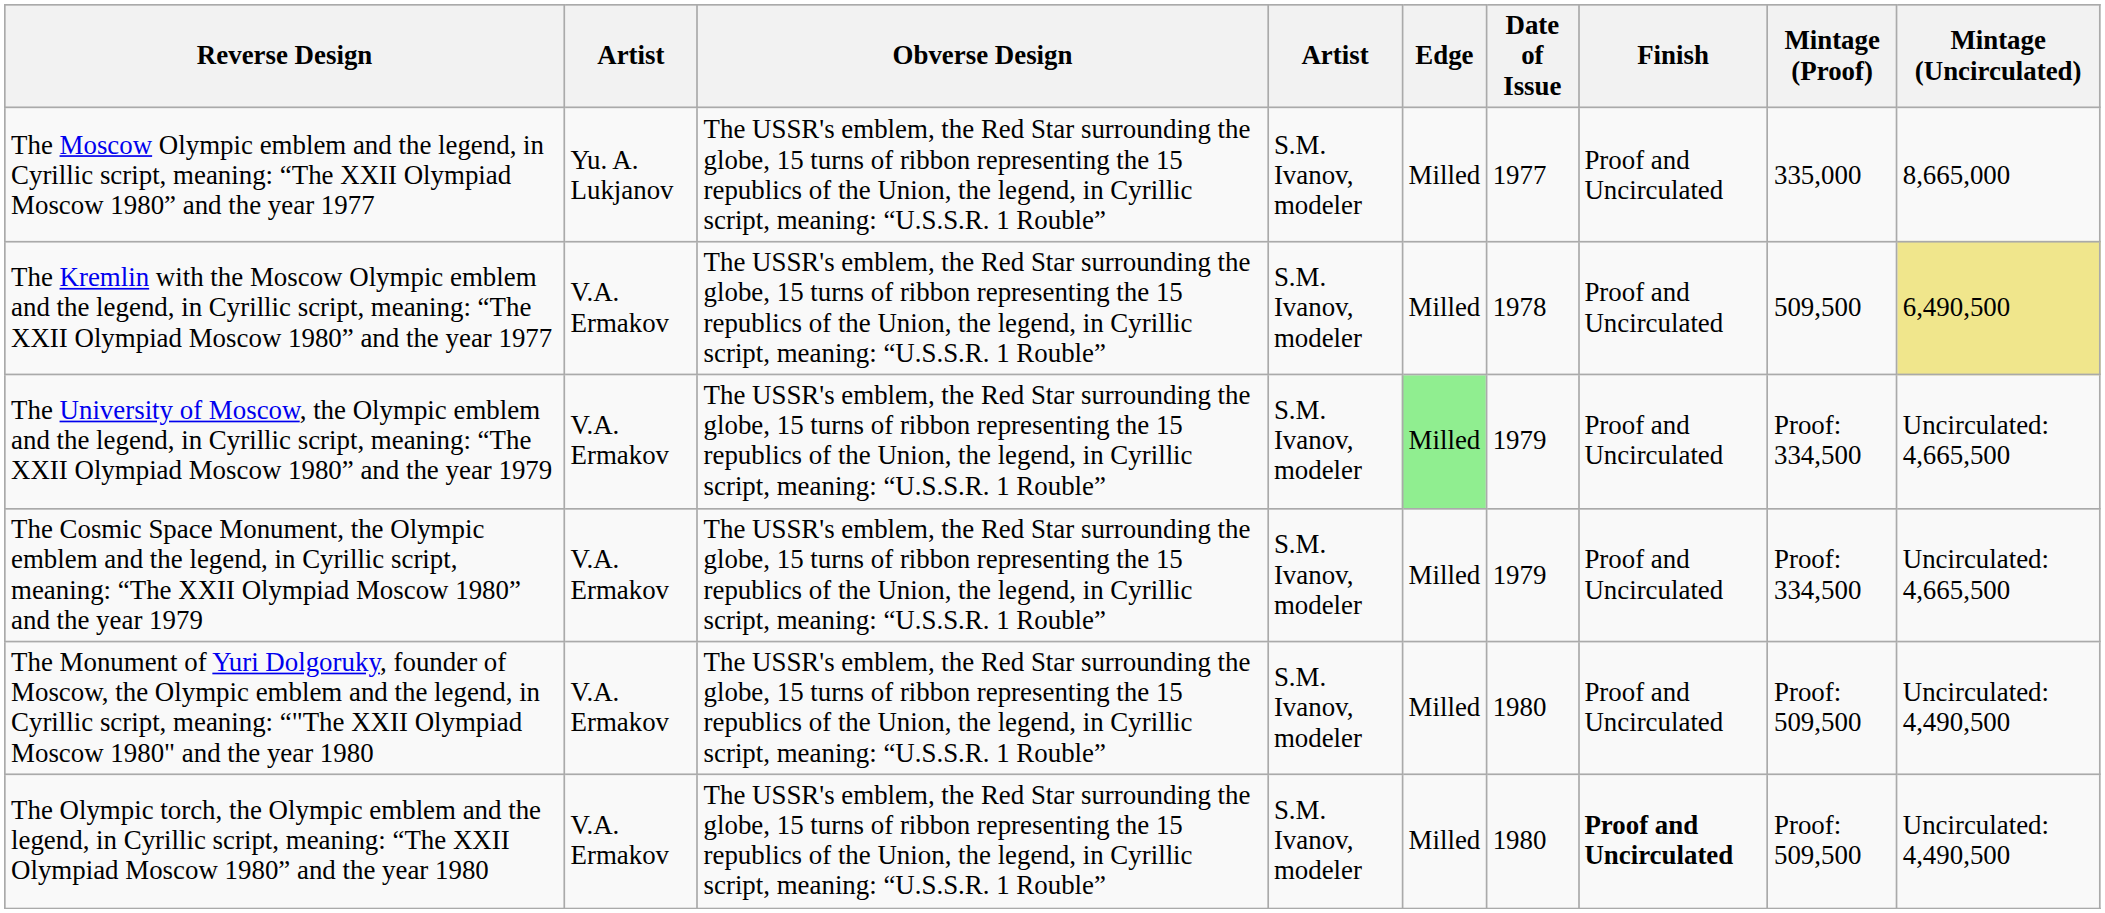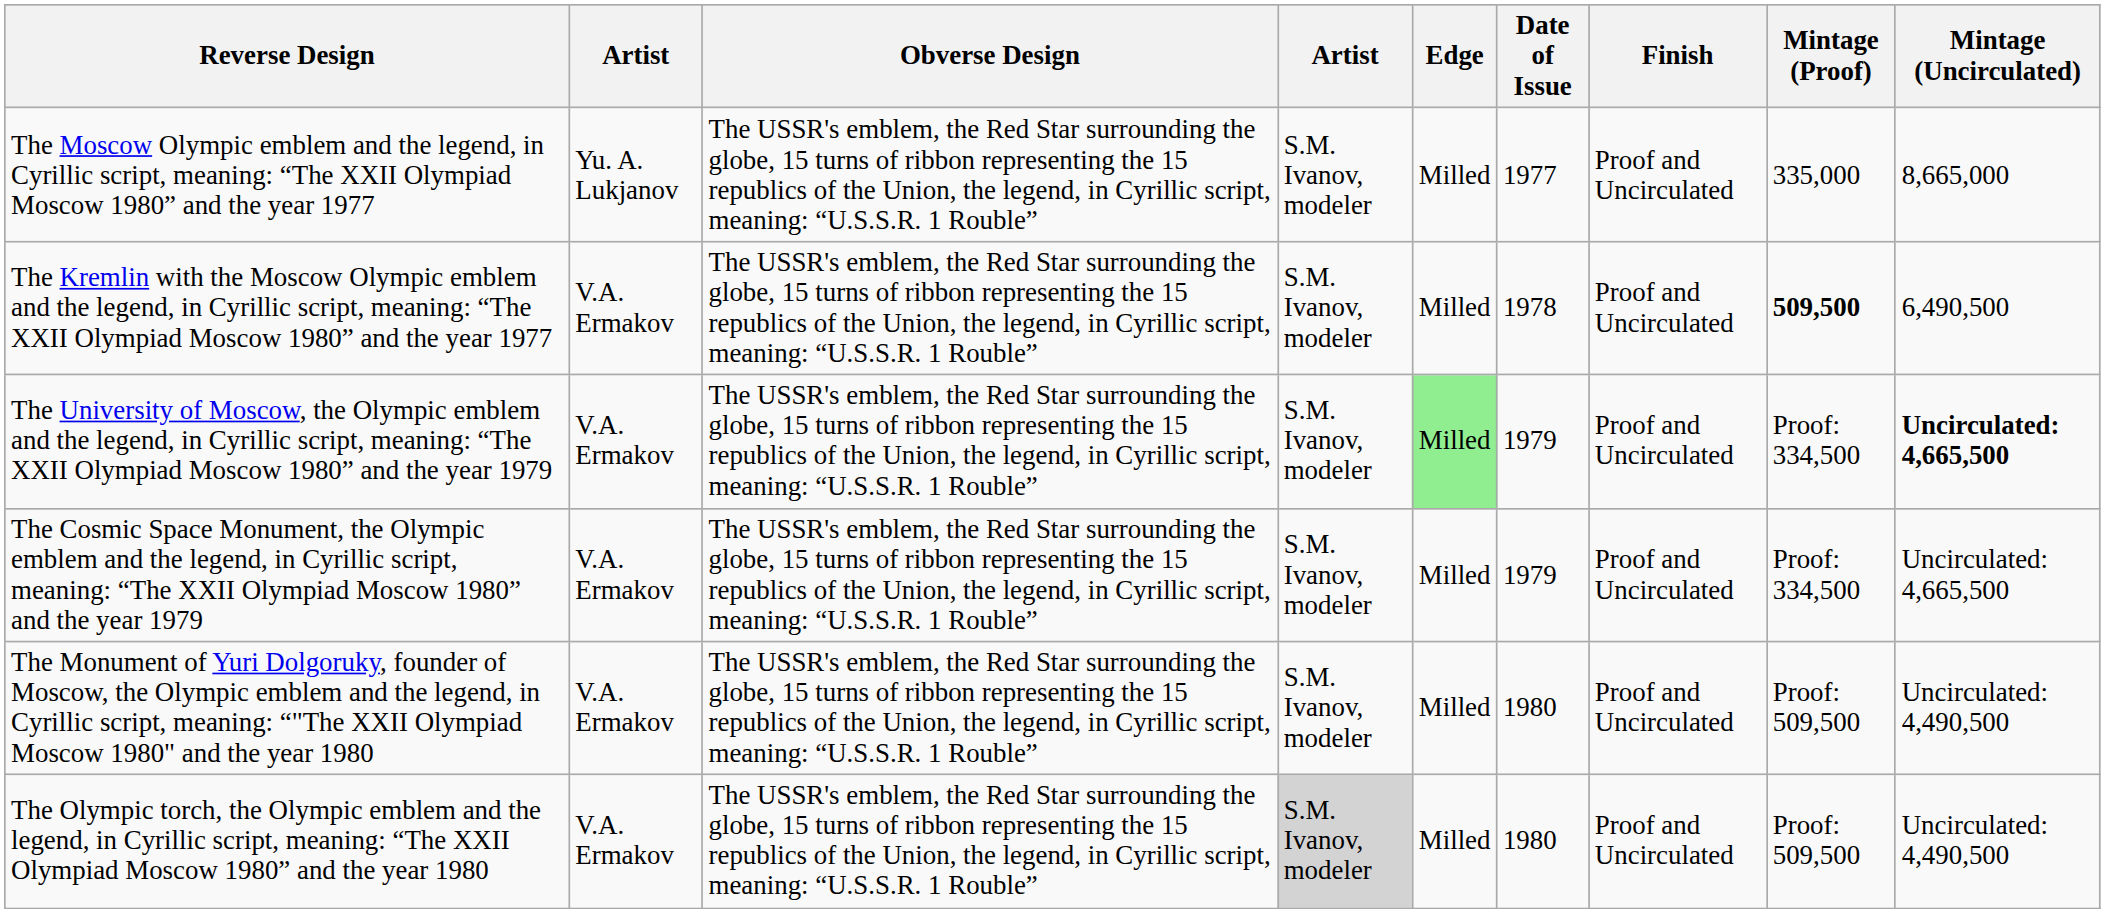 <table class="wikitable">
 <tr>
 <th>Reverse Design</th>
 <th>Artist</th>
 <th>Obverse Design</th>
 <th>Artist</th>
 <th>Edge</th>
 <th>Date of Issue</th>
 <th>Finish</th>
 <th>Mintage (Proof)</th>
 <th>Mintage (Uncirculated)</th>
 </tr>
 <tr>
 <td>The <a href='#'>Moscow</a> Olympic emblem and the legend, in Cyrillic script, meaning: “The XXII Olympiad Moscow 1980” and the year 1977</td>
 <td>Yu. A. Lukjanov</td>
 <td>The USSR's emblem, the Red Star surrounding the globe, 15 turns of ribbon representing the 15 republics of the Union, the legend, in Cyrillic script, meaning: “U.S.S.R. 1 Rouble”</td>
 <td>S.M. Ivanov, modeler</td>
 <td>Milled</td>
 <td>1977</td>
 <td>Proof and Uncirculated</td>
 <td>335,000</td>
 <td>8,665,000</td>
 </tr>
 <tr>
 <td>The <a href='#'>Kremlin</a> with the Moscow Olympic emblem and the legend, in Cyrillic script, meaning: “The XXII Olympiad Moscow 1980” and the year 1977</td>
 <td>V.A. Ermakov</td>
 <td>The USSR's emblem, the Red Star surrounding the globe, 15 turns of ribbon representing the 15 republics of the Union, the legend, in Cyrillic script, meaning: “U.S.S.R. 1 Rouble”</td>
 <td>S.M. Ivanov, modeler</td>
 <td>Milled</td>
 <td>1978</td>
 <td>Proof and Uncirculated</td>
-<td>509,500</td>
-<td style="background: khaki;">6,490,500</td>
+<td><strong>509,500</strong></td>
+<td>6,490,500</td>
 </tr>
 <tr>
 <td>The <a href='#'>University of Moscow</a>, the Olympic emblem and the legend, in Cyrillic script, meaning: “The XXII Olympiad Moscow 1980” and the year 1979</td>
 <td>V.A. Ermakov</td>
 <td>The USSR's emblem, the Red Star surrounding the globe, 15 turns of ribbon representing the 15 republics of the Union, the legend, in Cyrillic script, meaning: “U.S.S.R. 1 Rouble”</td>
 <td>S.M. Ivanov, modeler</td>
 <td style="background: lightgreen;">Milled</td>
 <td>1979</td>
 <td>Proof and Uncirculated</td>
 <td>Proof: 334,500</td>
-<td>Uncirculated: 4,665,500</td>
+<td><strong>Uncirculated: 4,665,500</strong></td>
 </tr>
 <tr>
 <td>The Cosmic Space Monument, the Olympic emblem and the legend, in Cyrillic script, meaning: “The XXII Olympiad Moscow 1980” and the year 1979</td>
 <td>V.A. Ermakov</td>
 <td>The USSR's emblem, the Red Star surrounding the globe, 15 turns of ribbon representing the 15 republics of the Union, the legend, in Cyrillic script, meaning: “U.S.S.R. 1 Rouble”</td>
 <td>S.M. Ivanov, modeler</td>
 <td>Milled</td>
 <td>1979</td>
 <td>Proof and Uncirculated</td>
 <td>Proof: 334,500</td>
 <td>Uncirculated: 4,665,500</td>
 </tr>
 <tr>
 <td>The Monument of <a href='#'>Yuri Dolgoruky</a>, founder of Moscow, the Olympic emblem and the legend, in Cyrillic script, meaning: “"The XXII Olympiad Moscow 1980" and the year 1980</td>
 <td>V.A. Ermakov</td>
 <td>The USSR's emblem, the Red Star surrounding the globe, 15 turns of ribbon representing the 15 republics of the Union, the legend, in Cyrillic script, meaning: “U.S.S.R. 1 Rouble”</td>
 <td>S.M. Ivanov, modeler</td>
 <td>Milled</td>
 <td>1980</td>
 <td>Proof and Uncirculated</td>
 <td>Proof: 509,500</td>
 <td>Uncirculated: 4,490,500</td>
 </tr>
 <tr>
 <td>The Olympic torch, the Olympic emblem and the legend, in Cyrillic script, meaning: “The XXII Olympiad Moscow 1980” and the year 1980</td>
 <td>V.A. Ermakov</td>
 <td>The USSR's emblem, the Red Star surrounding the globe, 15 turns of ribbon representing the 15 republics of the Union, the legend, in Cyrillic script, meaning: “U.S.S.R. 1 Rouble”</td>
-<td>S.M. Ivanov, modeler</td>
+<td style="background: lightgrey;">S.M. Ivanov, modeler</td>
 <td>Milled</td>
 <td>1980</td>
-<td><strong>Proof and Uncirculated</strong></td>
+<td>Proof and Uncirculated</td>
 <td>Proof: 509,500</td>
 <td>Uncirculated: 4,490,500</td>
 </tr>
 <tr>
 </tr>
 </table>
